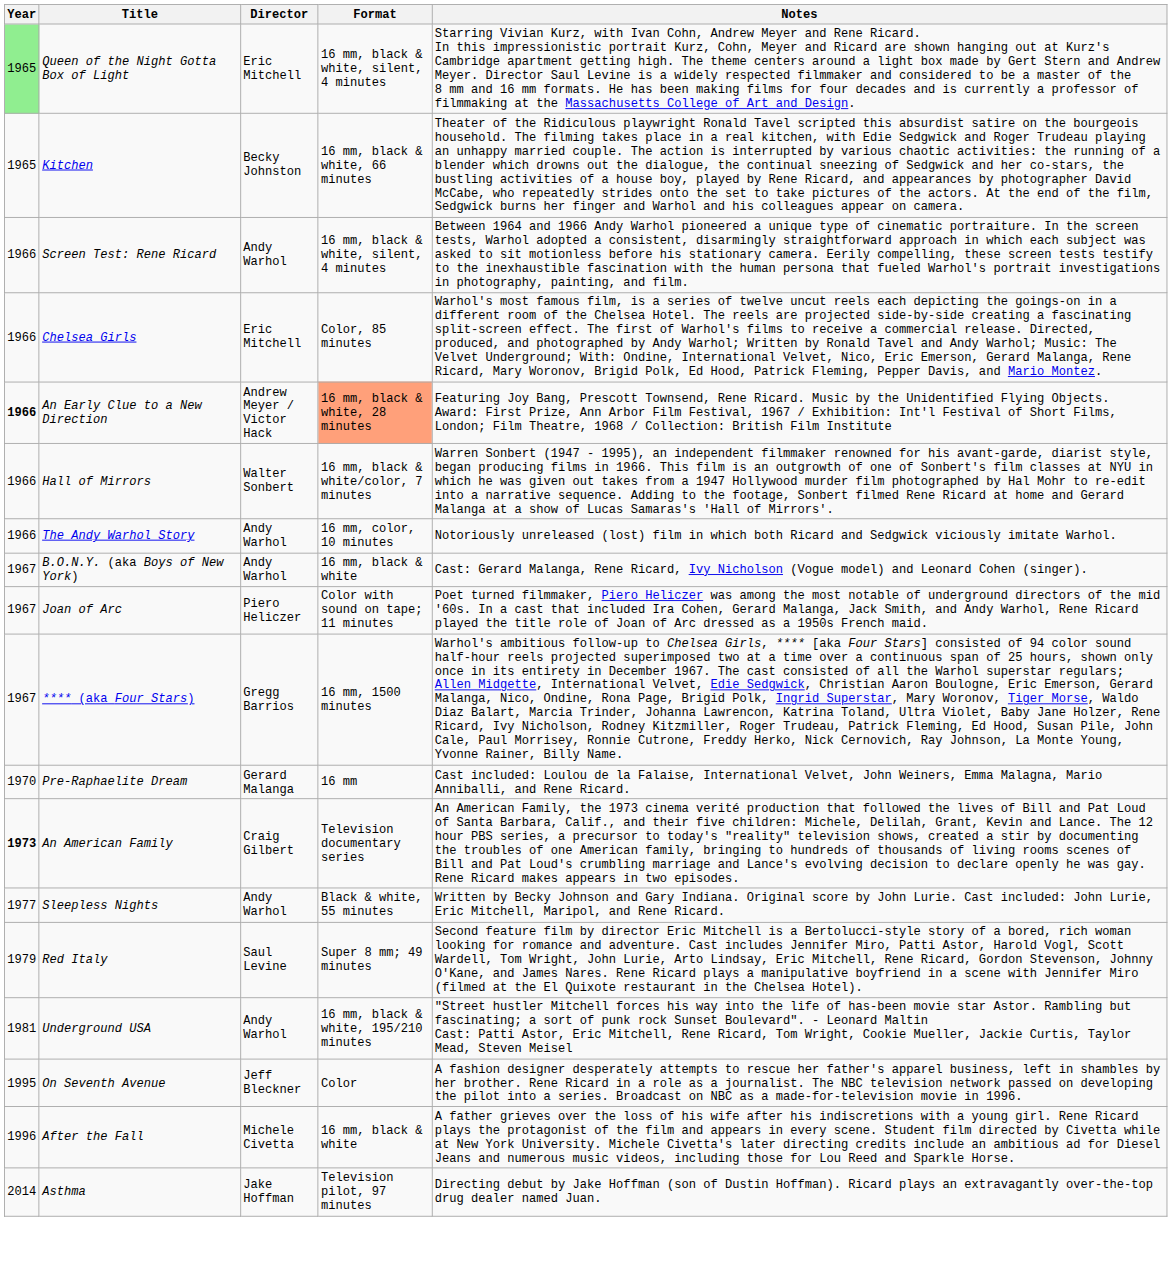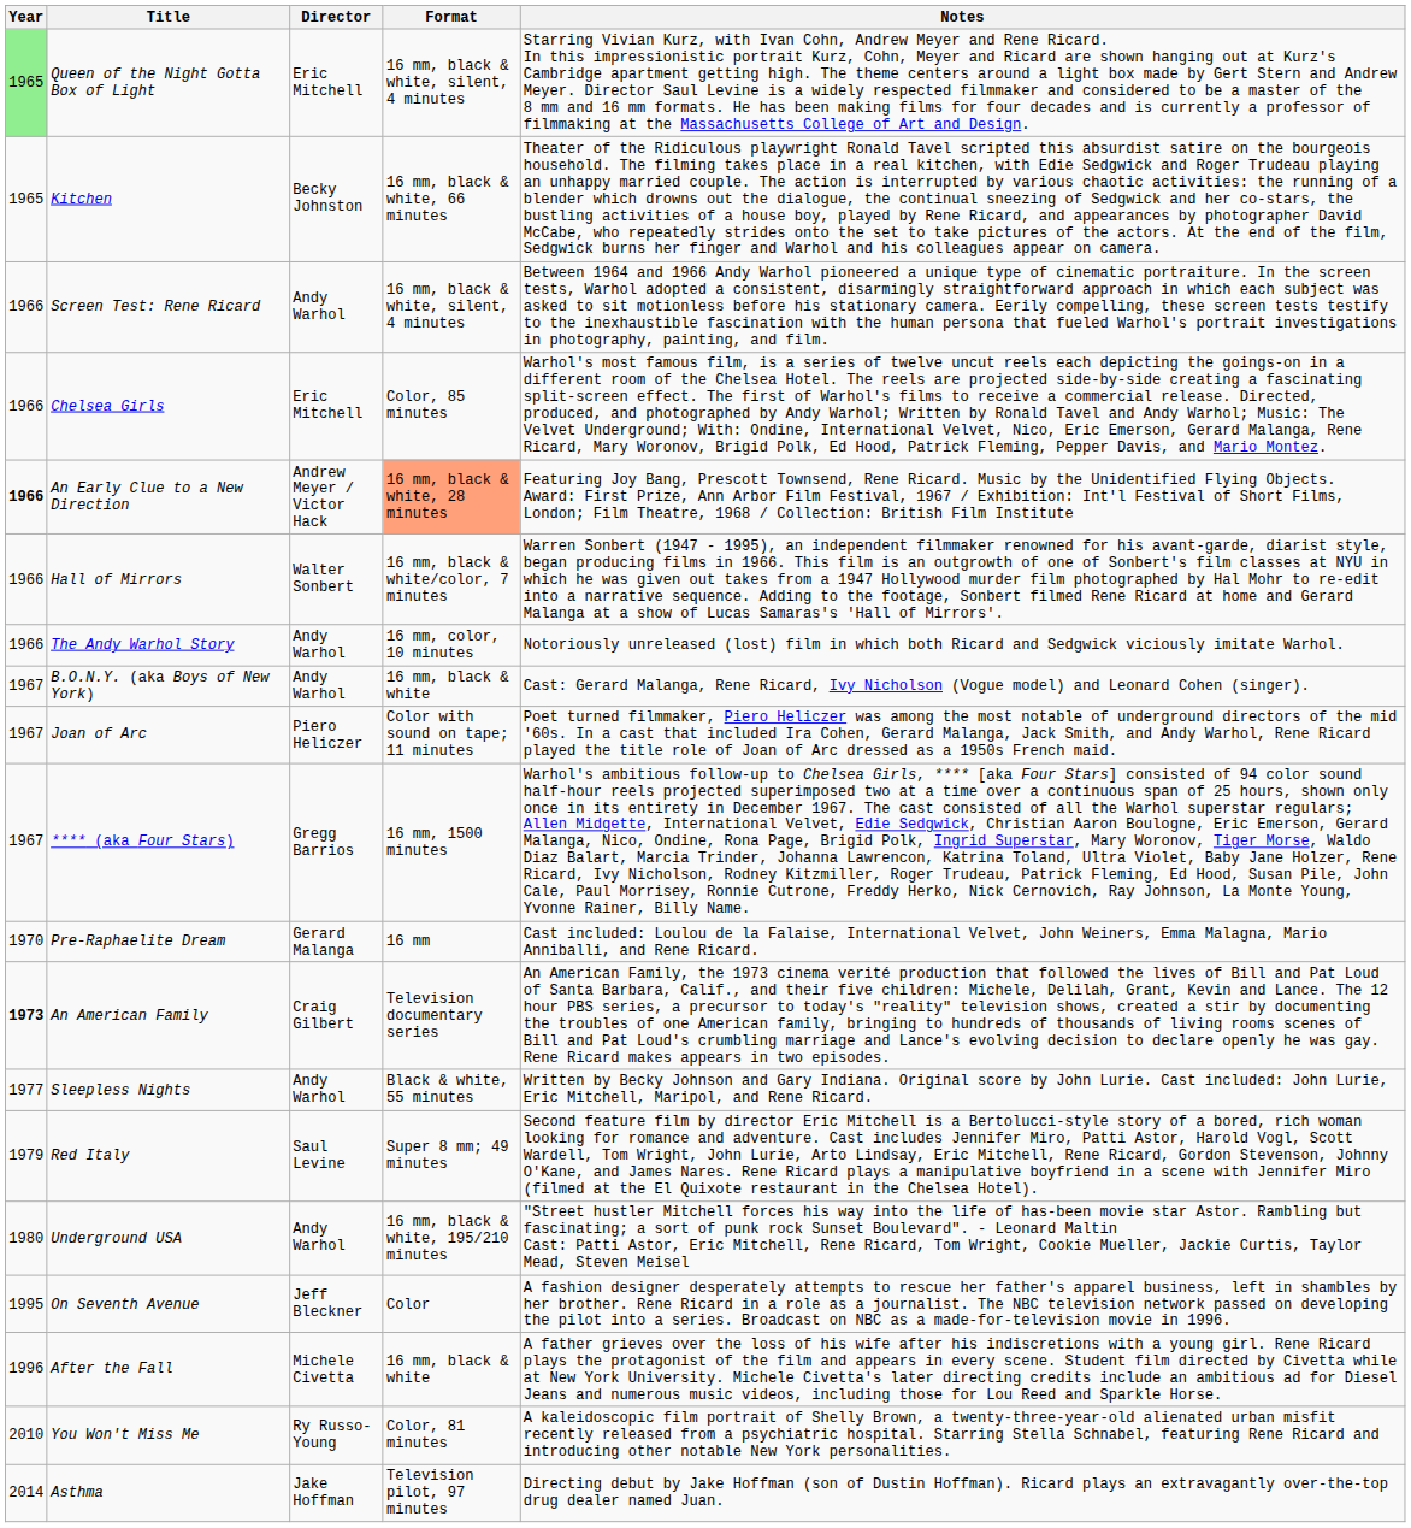 <table class="wikitable">
 <tr>
 <th>Year</th>
 <th style="width:210px;">Title</th>
 <th>Director</th>
 <th>Format</th>
 <th>Notes</th>
 </tr>
 <tr>
 <td style="background: lightgreen;">1965</td>
 <td><em>Queen of the Night Gotta Box of Light</em></td>
 <td>Eric Mitchell</td>
 <td>16 mm, black & white, silent, 4 minutes</td>
 <td>Starring Vivian Kurz, with Ivan Cohn, Andrew Meyer and Rene Ricard.<br>In this impressionistic portrait Kurz, Cohn, Meyer and Ricard are shown hanging out at Kurz's Cambridge apartment getting high. The theme centers around a light box made by Gert Stern and Andrew Meyer. Director Saul Levine is a widely respected filmmaker and considered to be a master of the 8 mm and 16 mm formats. He has been making films for four decades and is currently a professor of filmmaking at the <a href='#'>Massachusetts College of Art and Design</a>.</td>
 </tr>
 <tr>
 <td>1965</td>
 <td><em><a href='#'>Kitchen</a></em></td>
 <td>Becky Johnston</td>
 <td>16 mm, black & white, 66 minutes</td>
 <td>Theater of the Ridiculous playwright Ronald Tavel scripted this absurdist satire on the bourgeois household. The filming takes place in a real kitchen, with Edie Sedgwick and Roger Trudeau playing an unhappy married couple. The action is interrupted by various chaotic activities: the running of a blender which drowns out the dialogue, the continual sneezing of Sedgwick and her co-stars, the bustling activities of a house boy, played by Rene Ricard, and appearances by photographer David McCabe, who repeatedly strides onto the set to take pictures of the actors. At the end of the film, Sedgwick burns her finger and Warhol and his colleagues appear on camera.</td>
 </tr>
 <tr>
 <td>1966</td>
 <td><em>Screen Test: Rene Ricard</em></td>
 <td>Andy Warhol</td>
 <td>16 mm, black & white, silent, 4 minutes</td>
 <td>Between 1964 and 1966 Andy Warhol pioneered a unique type of cinematic portraiture. In the screen tests, Warhol adopted a consistent, disarmingly straightforward approach in which each subject was asked to sit motionless before his stationary camera. Eerily compelling, these screen tests testify to the inexhaustible fascination with the human persona that fueled Warhol's portrait investigations in photography, painting, and film.</td>
 </tr>
 <tr>
 <td>1966</td>
 <td><em><a href='#'>Chelsea Girls</a></em></td>
 <td>Eric Mitchell</td>
 <td>Color, 85 minutes</td>
 <td>Warhol's most famous film, is a series of twelve uncut reels each depicting the goings-on in a different room of the Chelsea Hotel. The reels are projected side-by-side creating a fascinating split-screen effect. The first of Warhol's films to receive a commercial release. Directed, produced, and photographed by Andy Warhol; Written by Ronald Tavel and Andy Warhol; Music: The Velvet Underground; With: Ondine, International Velvet, Nico, Eric Emerson, Gerard Malanga, Rene Ricard, Mary Woronov, Brigid Polk, Ed Hood, Patrick Fleming, Pepper Davis, and <a href='#'>Mario Montez</a>.</td>
 </tr>
 <tr>
 <td><strong>1966</strong></td>
 <td><em>An Early Clue to a New Direction</em></td>
 <td>Andrew Meyer / Victor Hack</td>
 <td style="background: lightsalmon;">16 mm, black & white, 28 minutes</td>
 <td>Featuring Joy Bang, Prescott Townsend, Rene Ricard. Music by the Unidentified Flying Objects.<br>Award: First Prize, Ann Arbor Film Festival, 1967 / Exhibition: Int'l Festival of Short Films, London; Film Theatre, 1968 / Collection: British Film Institute</td>
 </tr>
 <tr>
 <td>1966</td>
 <td><em>Hall of Mirrors</em></td>
 <td>Walter Sonbert</td>
 <td>16 mm, black & white/color, 7 minutes</td>
 <td>Warren Sonbert (1947 - 1995), an independent filmmaker renowned for his avant-garde, diarist style, began producing films in 1966. This film is an outgrowth of one of Sonbert's film classes at NYU in which he was given out takes from a 1947 Hollywood murder film photographed by Hal Mohr to re-edit into a narrative sequence. Adding to the footage, Sonbert filmed Rene Ricard at home and Gerard Malanga at a show of Lucas Samaras's 'Hall of Mirrors'.</td>
 </tr>
 <tr>
 <td>1966</td>
 <td><em><a href='#'>The Andy Warhol Story</a></em></td>
 <td>Andy Warhol</td>
 <td>16 mm, color, 10 minutes</td>
 <td>Notoriously unreleased (lost) film in which both Ricard and Sedgwick viciously imitate Warhol.</td>
 </tr>
 <tr>
 <td>1967</td>
 <td><em>B.O.N.Y.</em> (aka <em>Boys of New York</em>)</td>
 <td>Andy Warhol</td>
 <td>16 mm, black & white</td>
 <td>Cast: Gerard Malanga, Rene Ricard, <a href='#'>Ivy Nicholson</a> (Vogue model) and Leonard Cohen (singer).</td>
 </tr>
 <tr>
 <td>1967</td>
 <td><em>Joan of Arc</em></td>
 <td>Piero Heliczer</td>
 <td>Color with sound on tape; 11 minutes</td>
 <td>Poet turned filmmaker, <a href='#'>Piero Heliczer</a> was among the most notable of underground directors of the mid '60s. In a cast that included Ira Cohen, Gerard Malanga, Jack Smith, and Andy Warhol, Rene Ricard played the title role of Joan of Arc dressed as a 1950s French maid.</td>
 </tr>
 <tr>
 <td>1967</td>
 <td><a href='#'><em>****</em> (aka <em>Four Stars</em>)</a></td>
 <td>Gregg Barrios</td>
 <td>16 mm, 1500 minutes</td>
 <td>Warhol's ambitious follow-up to <em>Chelsea Girls</em>, <em>****</em> [aka <em>Four Stars</em>] consisted of 94 color sound half-hour reels projected superimposed two at a time over a continuous span of 25 hours, shown only once in its entirety in December 1967. The cast consisted of all the Warhol superstar regulars; <a href='#'>Allen Midgette</a>, International Velvet, <a href='#'>Edie Sedgwick</a>, Christian Aaron Boulogne, Eric Emerson, Gerard Malanga, Nico, Ondine, Rona Page, Brigid Polk, <a href='#'>Ingrid Superstar</a>, Mary Woronov, <a href='#'>Tiger Morse</a>, Waldo Diaz Balart, Marcia Trinder, Johanna Lawrencon, Katrina Toland, Ultra Violet, Baby Jane Holzer, Rene Ricard, Ivy Nicholson, Rodney Kitzmiller, Roger Trudeau, Patrick Fleming, Ed Hood, Susan Pile, John Cale, Paul Morrisey, Ronnie Cutrone, Freddy Herko, Nick Cernovich, Ray Johnson, La Monte Young, Yvonne Rainer, Billy Name.</td>
 </tr>
 <tr>
 <td>1970</td>
 <td><em>Pre-Raphaelite Dream</em></td>
 <td>Gerard Malanga</td>
 <td>16 mm</td>
 <td>Cast included: Loulou de la Falaise, International Velvet, John Weiners, Emma Malagna, Mario Anniballi, and Rene Ricard.</td>
 </tr>
 <tr>
 <td><strong>1973</strong></td>
 <td><em>An American Family</em></td>
 <td>Craig Gilbert</td>
 <td>Television documentary series</td>
 <td>An American Family, the 1973 cinema verité production that followed the lives of Bill and Pat Loud of Santa Barbara, Calif., and their five children: Michele, Delilah, Grant, Kevin and Lance. The 12 hour PBS series, a precursor to today's "reality" television shows, created a stir by documenting the troubles of one American family, bringing to hundreds of thousands of living rooms scenes of Bill and Pat Loud's crumbling marriage and Lance's evolving decision to declare openly he was gay. Rene Ricard makes appears in two episodes.</td>
 </tr>
 <tr>
 <td>1977</td>
 <td><em>Sleepless Nights</em></td>
 <td>Andy Warhol</td>
 <td>Black & white, 55 minutes</td>
 <td>Written by Becky Johnson and Gary Indiana.  Original score by John Lurie.  Cast included: John Lurie, Eric Mitchell, Maripol, and Rene Ricard.</td>
 </tr>
 <tr>
 <td>1979</td>
 <td><em>Red Italy</em></td>
 <td>Saul Levine</td>
 <td>Super 8 mm; 49 minutes</td>
 <td>Second feature film by director Eric Mitchell is a Bertolucci-style story of a bored, rich woman looking for romance and adventure. Cast includes Jennifer Miro, Patti Astor, Harold Vogl, Scott Wardell, Tom Wright, John Lurie, Arto Lindsay, Eric Mitchell, Rene Ricard, Gordon Stevenson, Johnny O'Kane, and James Nares. Rene Ricard plays a manipulative boyfriend in a scene with Jennifer Miro (filmed at the El Quixote restaurant in the Chelsea Hotel).</td>
 </tr>
 <tr>
-<td>1981</td>
+<td>1980</td>
 <td><em>Underground USA</em></td>
 <td>Andy Warhol</td>
 <td>16 mm, black & white, 195/210 minutes</td>
 <td>"Street hustler Mitchell forces his way into the life of has-been movie star Astor. Rambling but fascinating; a sort of punk rock Sunset Boulevard". - Leonard Maltin<br>Cast: Patti Astor, Eric Mitchell, Rene Ricard, Tom Wright, Cookie Mueller, Jackie Curtis, Taylor Mead, Steven Meisel</td>
 </tr>
 <tr>
 <td>1995</td>
 <td><em>On Seventh Avenue</em></td>
 <td>Jeff Bleckner</td>
 <td>Color</td>
 <td>A fashion designer desperately attempts to rescue her father's apparel business, left in shambles by her brother. Rene Ricard in a role as a journalist. The NBC television network passed on developing the pilot into a series. Broadcast on NBC as a made-for-television movie in 1996.</td>
 </tr>
 <tr>
 <td>1996</td>
 <td><em>After the Fall</em></td>
 <td>Michele Civetta</td>
 <td>16 mm, black & white</td>
 <td>A father grieves over the loss of his wife after his indiscretions with a young girl. Rene Ricard plays the protagonist of the film and appears in every scene. Student film directed by Civetta while at New York University. Michele Civetta's later directing credits include an ambitious ad for Diesel Jeans and numerous music videos, including those for Lou Reed and Sparkle Horse.</td>
 </tr>
 <tr>
+<td>2010</td>
+<td><em>You Won't Miss Me</em></td>
+<td>Ry Russo-Young</td>
+<td>Color, 81 minutes</td>
+<td>A kaleidoscopic film portrait of Shelly Brown, a twenty-three-year-old alienated urban misfit recently released from a psychiatric hospital. Starring Stella Schnabel, featuring Rene Ricard and introducing other notable New York personalities.</td>
+</tr>
+<tr>
 <td>2014</td>
 <td><em>Asthma</em></td>
 <td>Jake Hoffman</td>
 <td>Television pilot, 97 minutes</td>
 <td>Directing debut by Jake Hoffman (son of Dustin Hoffman). Ricard plays an extravagantly over-the-top drug dealer named Juan.</td>
 </tr>
 </table>
